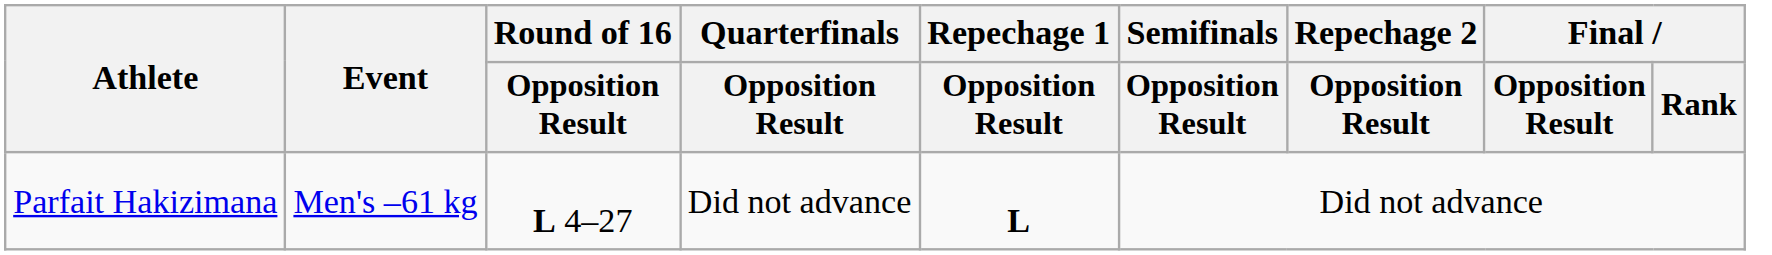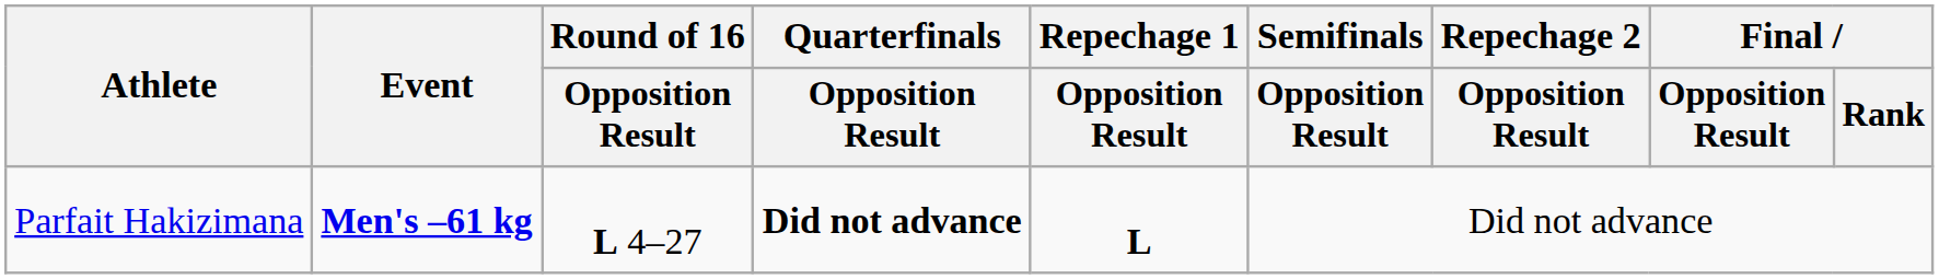 <table class="wikitable" style="font-size:90%;">
 <tr>
 <th rowspan=2>Athlete</th>
 <th rowspan=2>Event</th>
 <th>Round of 16</th>
 <th>Quarterfinals</th>
 <th>Repechage 1</th>
 <th>Semifinals</th>
 <th>Repechage 2</th>
 <th colspan=2>Final / </th>
 </tr>
 <tr style="font-size:95%">
 <th>Opposition<br>Result</th>
 <th>Opposition<br>Result</th>
 <th>Opposition<br>Result</th>
 <th>Opposition<br>Result</th>
 <th>Opposition<br>Result</th>
 <th>Opposition<br>Result</th>
 <th>Rank</th>
 </tr>
 <tr align=center>
 <td align=left><a href='#'>Parfait Hakizimana</a></td>
-<td align=left><a href='#'>Men's –61 kg</a></td>
+<td align=left><strong><a href='#'>Men's –61 kg</a></strong></td>
 <td><br><strong>L</strong> 4–27</td>
-<td>Did not advance</td>
+<td><strong>Did not advance</strong></td>
 <td><br><strong>L</strong> </td>
 <td colspan=4>Did not advance</td>
 </tr>
 </table>
